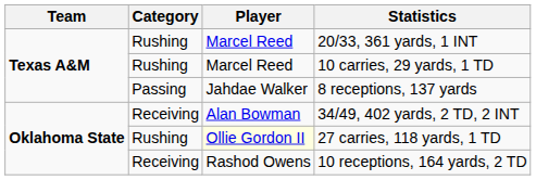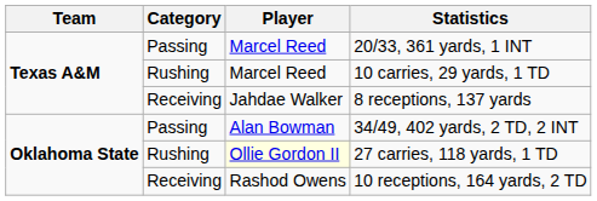 <table class="wikitable" style="float: right;">
 <tr>
 <th>Team</th>
 <th>Category</th>
 <th>Player</th>
 <th>Statistics</th>
 </tr>
 <tr>
 <td rowspan=3><strong>Texas A&M</strong></td>
-<td>Rushing</td>
+<td>Passing</td>
 <td><a href='#'>Marcel Reed</a></td>
 <td>20/33, 361 yards, 1 INT</td>
 </tr>
 <tr>
 <td>Rushing</td>
 <td>Marcel Reed</td>
 <td>10 carries, 29 yards, 1 TD</td>
 </tr>
 <tr>
-<td>Passing</td>
+<td>Receiving</td>
 <td>Jahdae Walker</td>
 <td>8 receptions, 137 yards</td>
 </tr>
 <tr>
 <td rowspan=3><strong>Oklahoma State</strong></td>
-<td>Receiving</td>
+<td>Passing</td>
 <td><a href='#'>Alan Bowman</a></td>
 <td>34/49, 402 yards, 2 TD, 2 INT</td>
 </tr>
 <tr>
 <td>Rushing</td>
 <td style="background: lightyellow;"><a href='#'>Ollie Gordon II</a></td>
 <td>27 carries, 118 yards, 1 TD</td>
 </tr>
 <tr>
 <td>Receiving</td>
 <td>Rashod Owens</td>
 <td>10 receptions, 164 yards, 2 TD</td>
 </tr>
 </table>
